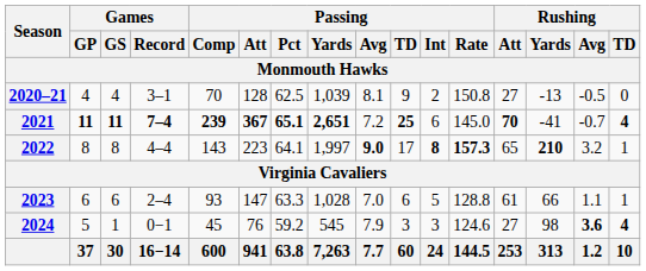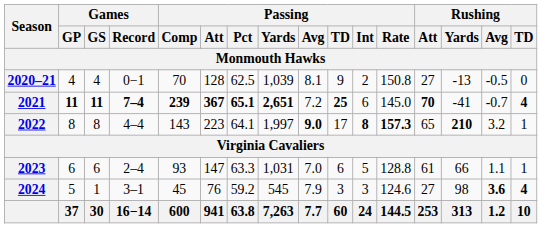 <table class="wikitable" style="text-align:center;">
 <tr>
 <th rowspan="2">Season</th>
 <th colspan="3">Games</th>
 <th colspan="8">Passing</th>
 <th colspan="5">Rushing</th>
 </tr>
 <tr>
 <th>GP</th>
 <th>GS</th>
 <th>Record</th>
 <th>Comp</th>
 <th>Att</th>
 <th>Pct</th>
 <th>Yards</th>
 <th>Avg</th>
 <th>TD</th>
 <th>Int</th>
 <th>Rate</th>
 <th>Att</th>
 <th>Yards</th>
 <th>Avg</th>
 <th>TD</th>
 </tr>
 <tr>
 <th colspan="16">Monmouth Hawks</th>
 </tr>
 <tr>
 <th><a href='#'>2020–21</a></th>
 <td>4</td>
 <td>4</td>
-<td>3–1</td>
+<td>0−1</td>
 <td>70</td>
 <td>128</td>
 <td>62.5</td>
 <td>1,039</td>
 <td>8.1</td>
 <td>9</td>
 <td>2</td>
 <td>150.8</td>
 <td>27</td>
 <td>-13</td>
 <td>-0.5</td>
 <td>0</td>
 </tr>
 <tr>
 <th><a href='#'>2021</a></th>
 <td><strong>11</strong></td>
 <td><strong>11</strong></td>
 <td><strong>7–4</strong></td>
 <td><strong>239</strong></td>
 <td><strong>367</strong></td>
 <td><strong>65.1</strong></td>
 <td><strong>2,651</strong></td>
 <td>7.2</td>
 <td><strong>25</strong></td>
 <td>6</td>
 <td>145.0</td>
 <td><strong>70</strong></td>
 <td>-41</td>
 <td>-0.7</td>
 <td><strong>4</strong></td>
 </tr>
 <tr>
 <th><a href='#'>2022</a></th>
 <td>8</td>
 <td>8</td>
 <td>4–4</td>
 <td>143</td>
 <td>223</td>
 <td>64.1</td>
 <td>1,997</td>
 <td><strong>9.0</strong></td>
 <td>17</td>
 <td><strong>8</strong></td>
 <td><strong>157.3</strong></td>
 <td>65</td>
 <td><strong>210</strong></td>
 <td>3.2</td>
 <td>1</td>
 </tr>
 <tr>
 <th colspan="16">Virginia Cavaliers</th>
 </tr>
 <tr>
 <th><a href='#'>2023</a></th>
 <td>6</td>
 <td>6</td>
 <td>2–4</td>
 <td>93</td>
 <td>147</td>
 <td>63.3</td>
-<td>1,028</td>
+<td>1,031</td>
 <td>7.0</td>
 <td>6</td>
 <td>5</td>
 <td>128.8</td>
 <td>61</td>
 <td>66</td>
 <td>1.1</td>
 <td>1</td>
 </tr>
 <tr>
 <th><a href='#'>2024</a></th>
 <td>5</td>
 <td>1</td>
-<td>0−1</td>
+<td>3–1</td>
 <td>45</td>
 <td>76</td>
 <td>59.2</td>
 <td>545</td>
 <td>7.9</td>
 <td>3</td>
 <td>3</td>
 <td>124.6</td>
 <td>27</td>
 <td>98</td>
 <td><strong>3.6</strong></td>
 <td><strong>4</strong></td>
 </tr>
 <tr>
 <th></th>
 <th>37</th>
 <th>30</th>
 <th>16−14</th>
 <th>600</th>
 <th>941</th>
 <th>63.8</th>
 <th>7,263</th>
 <th>7.7</th>
 <th>60</th>
 <th>24</th>
 <th>144.5</th>
 <th>253</th>
 <th>313</th>
 <th>1.2</th>
 <th>10</th>
 </tr>
 </table>
